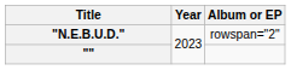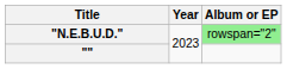 <table class="wikitable plainrowheaders" style="text-align:center;">
 <tr>
 <th scope="col" style="width:13em;">Title</th>
 <th scope="col">Year</th>
 <th scope="col">Album or EP</th>
 </tr>
 <tr>
 <th scope="row">"N.E.B.U.D."<br></th>
 <td rowspan="2">2023</td>
-<td>rowspan="2" </td>
+<td style="background: lightgreen;">rowspan="2" </td>
 </tr>
 <tr>
 <th scope="row">""<br></th>
 </tr>
 </table>
